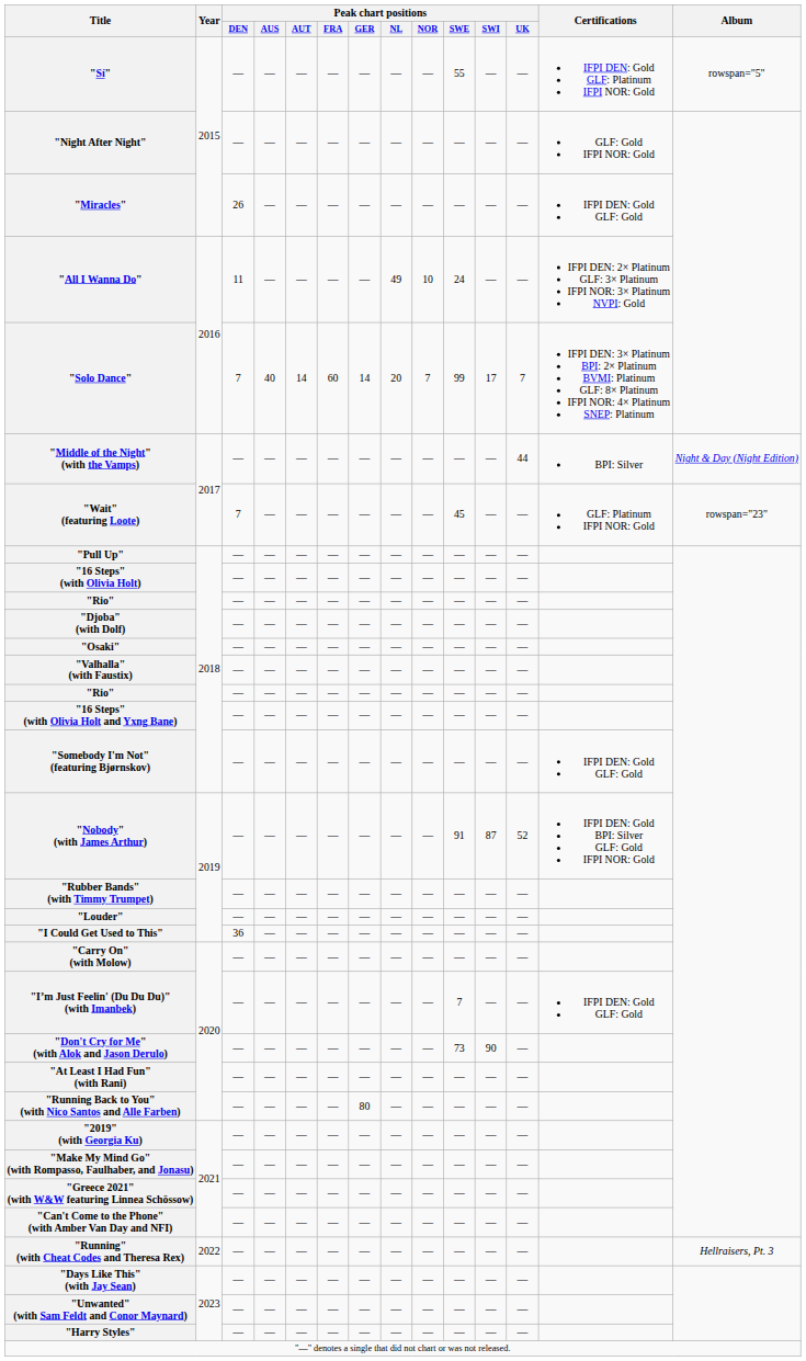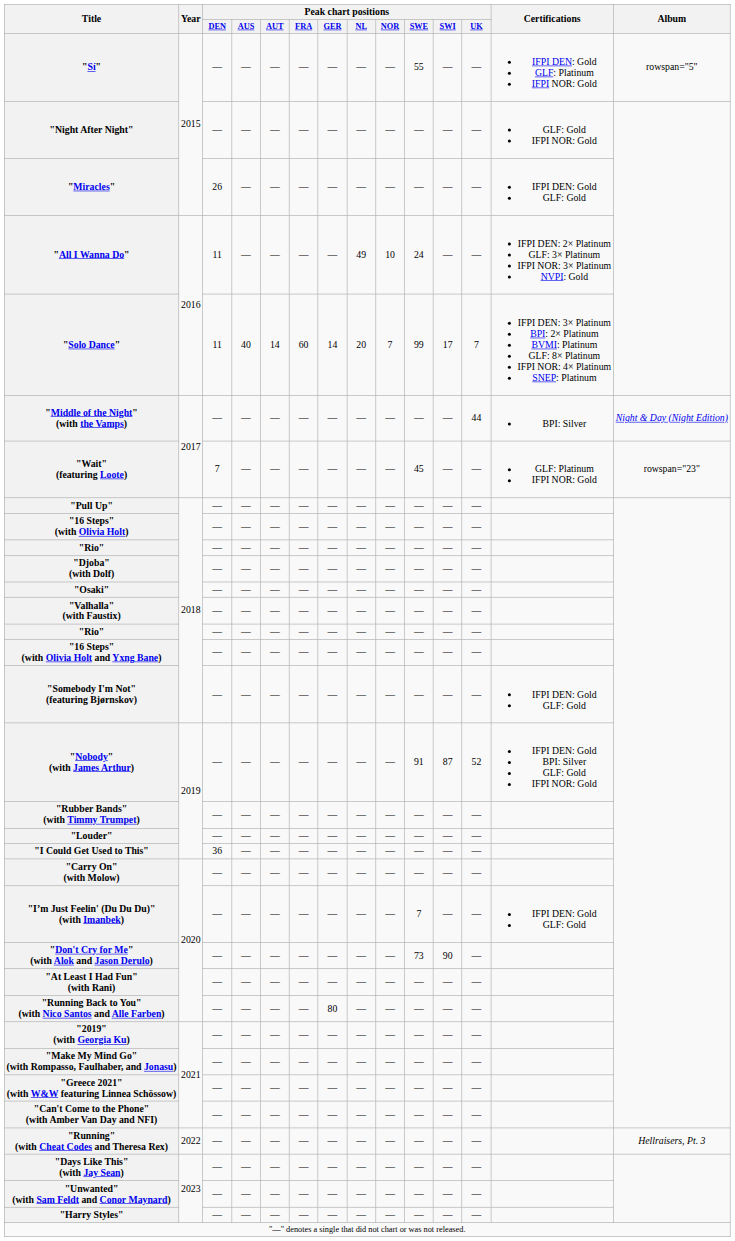 <table class="wikitable plainrowheaders" style="text-align: center;">
 <tr>
 <th scope="col" rowspan="2">Title</th>
 <th scope="col" rowspan="2">Year</th>
 <th scope="col" colspan="10">Peak chart positions</th>
 <th scope="col" rowspan="2">Certifications</th>
 <th scope="col" rowspan="2">Album</th>
 </tr>
 <tr>
 <th scope="col" style="width:3em;font-size:85%;"><a href='#'>DEN</a><br></th>
 <th scope="col" style="width:3em;font-size:85%;"><a href='#'>AUS</a><br></th>
 <th scope="col" style="width:3em;font-size:85%;"><a href='#'>AUT</a><br></th>
 <th scope="col" style="width:3em;font-size:85%;"><a href='#'>FRA</a><br></th>
 <th scope="col" style="width:3em;font-size:85%;"><a href='#'>GER</a><br></th>
 <th scope="col" style="width:3em;font-size:85%;"><a href='#'>NL</a><br></th>
 <th scope="col" style="width:3em;font-size:85%;"><a href='#'>NOR</a><br></th>
 <th scope="col" style="width:3em;font-size:85%;"><a href='#'>SWE</a><br></th>
 <th scope="col" style="width:3em;font-size:85%;"><a href='#'>SWI</a><br></th>
 <th scope="col" style="width:3em;font-size:85%;"><a href='#'>UK</a><br></th>
 </tr>
 <tr>
 <th scope="row">"<a href='#'>Sí</a>"</th>
 <td rowspan="3">2015</td>
 <td>—</td>
 <td>—</td>
 <td>—</td>
 <td>—</td>
 <td>—</td>
 <td>—</td>
 <td>—</td>
 <td>55</td>
 <td>—</td>
 <td>—</td>
 <td><br><ul><li><a href='#'>IFPI DEN</a>: Gold</li><li><a href='#'>GLF</a>: Platinum</li><li><a href='#'>IFPI</a> NOR: Gold</li></ul></td>
 <td>rowspan="5" </td>
 </tr>
 <tr>
 <th scope="row">"Night After Night"</th>
 <td>—</td>
 <td>—</td>
 <td>—</td>
 <td>—</td>
 <td>—</td>
 <td>—</td>
 <td>—</td>
 <td>—</td>
 <td>—</td>
 <td>—</td>
 <td><br><ul><li>GLF: Gold</li><li>IFPI NOR: Gold</li></ul></td>
 </tr>
 <tr>
 <th scope="row">"<a href='#'>Miracles</a>"</th>
 <td>26</td>
 <td>—</td>
 <td>—</td>
 <td>—</td>
 <td>—</td>
 <td>—</td>
 <td>—</td>
 <td>—</td>
 <td>—</td>
 <td>—</td>
 <td><br><ul><li>IFPI DEN: Gold</li><li>GLF: Gold</li></ul></td>
 </tr>
 <tr>
 <th scope="row">"<a href='#'>All I Wanna Do</a>"</th>
 <td rowspan="2">2016</td>
 <td>11</td>
 <td>—</td>
 <td>—</td>
 <td>—</td>
 <td>—</td>
 <td>49</td>
 <td>10</td>
 <td>24</td>
 <td>—</td>
 <td>—</td>
 <td><br><ul><li>IFPI DEN: 2× Platinum</li><li>GLF: 3× Platinum</li><li>IFPI NOR: 3× Platinum</li><li><a href='#'>NVPI</a>: Gold</li></ul></td>
 </tr>
 <tr>
 <th scope="row">"<a href='#'>Solo Dance</a>"</th>
-<td>7</td>
+<td>11</td>
 <td>40</td>
 <td>14</td>
 <td>60</td>
 <td>14</td>
 <td>20</td>
 <td>7</td>
 <td>99</td>
 <td>17</td>
 <td>7</td>
 <td><br><ul><li>IFPI DEN: 3× Platinum</li><li><a href='#'>BPI</a>: 2× Platinum</li><li><a href='#'>BVMI</a>: Platinum</li><li>GLF: 8× Platinum</li><li>IFPI NOR: 4× Platinum</li><li><a href='#'>SNEP</a>: Platinum</li></ul></td>
 </tr>
 <tr>
 <th scope="row">"<a href='#'>Middle of the Night</a>"<br><span>(with <a href='#'>the Vamps</a>)</span></th>
 <td rowspan="2">2017</td>
 <td>—</td>
 <td>—</td>
 <td>—</td>
 <td>—</td>
 <td>—</td>
 <td>—</td>
 <td>—</td>
 <td>—</td>
 <td>—</td>
 <td>44</td>
 <td><br><ul><li>BPI: Silver</li></ul></td>
 <td><em><a href='#'>Night & Day (Night Edition)</a></em></td>
 </tr>
 <tr>
 <th scope="row">"Wait"<br><span>(featuring <a href='#'>Loote</a>)</span></th>
 <td>7</td>
 <td>—</td>
 <td>—</td>
 <td>—</td>
 <td>—</td>
 <td>—</td>
 <td>—</td>
 <td>45</td>
 <td>—</td>
 <td>—</td>
 <td><br><ul><li>GLF: Platinum</li><li>IFPI NOR: Gold</li></ul></td>
 <td>rowspan="23" </td>
 </tr>
 <tr>
 <th scope="row">"Pull Up"</th>
 <td rowspan="9">2018</td>
 <td>—</td>
 <td>—</td>
 <td>—</td>
 <td>—</td>
 <td>—</td>
 <td>—</td>
 <td>—</td>
 <td>—</td>
 <td>—</td>
 <td>—</td>
 <td></td>
 </tr>
 <tr>
 <th scope="row">"16 Steps"<br><span>(with <a href='#'>Olivia Holt</a>)</span></th>
 <td>—</td>
 <td>—</td>
 <td>—</td>
 <td>—</td>
 <td>—</td>
 <td>—</td>
 <td>—</td>
 <td>—</td>
 <td>—</td>
 <td>—</td>
 <td></td>
 </tr>
 <tr>
 <th scope="row">"Rio"</th>
 <td>—</td>
 <td>—</td>
 <td>—</td>
 <td>—</td>
 <td>—</td>
 <td>—</td>
 <td>—</td>
 <td>—</td>
 <td>—</td>
 <td>—</td>
 <td></td>
 </tr>
 <tr>
 <th scope="row">"Djoba"<br><span>(with Dolf)</span></th>
 <td>—</td>
 <td>—</td>
 <td>—</td>
 <td>—</td>
 <td>—</td>
 <td>—</td>
 <td>—</td>
 <td>—</td>
 <td>—</td>
 <td>—</td>
 <td></td>
 </tr>
 <tr>
 <th scope="row">"Osaki"</th>
 <td>—</td>
 <td>—</td>
 <td>—</td>
 <td>—</td>
 <td>—</td>
 <td>—</td>
 <td>—</td>
 <td>—</td>
 <td>—</td>
 <td>—</td>
 <td></td>
 </tr>
 <tr>
 <th scope="row">"Valhalla"<br><span>(with Faustix)</span></th>
 <td>—</td>
 <td>—</td>
 <td>—</td>
 <td>—</td>
 <td>—</td>
 <td>—</td>
 <td>—</td>
 <td>—</td>
 <td>—</td>
 <td>—</td>
 <td></td>
 </tr>
 <tr>
 <th scope="row">"Rio"</th>
 <td>—</td>
 <td>—</td>
 <td>—</td>
 <td>—</td>
 <td>—</td>
 <td>—</td>
 <td>—</td>
 <td>—</td>
 <td>—</td>
 <td>—</td>
 <td></td>
 </tr>
 <tr>
 <th scope="row">"16 Steps"<br><span>(with <a href='#'>Olivia Holt</a> and <a href='#'>Yxng Bane</a>)</span></th>
 <td>—</td>
 <td>—</td>
 <td>—</td>
 <td>—</td>
 <td>—</td>
 <td>—</td>
 <td>—</td>
 <td>—</td>
 <td>—</td>
 <td>—</td>
 <td></td>
 </tr>
 <tr>
 <th scope="row">"Somebody I'm Not"<br><span>(featuring Bjørnskov)</span></th>
 <td>—</td>
 <td>—</td>
 <td>—</td>
 <td>—</td>
 <td>—</td>
 <td>—</td>
 <td>—</td>
 <td>—</td>
 <td>—</td>
 <td>—</td>
 <td><br><ul><li>IFPI DEN: Gold</li><li>GLF: Gold</li></ul></td>
 </tr>
 <tr>
 <th scope="row">"<a href='#'>Nobody</a>"<br><span>(with <a href='#'>James Arthur</a>)</span></th>
 <td rowspan="4">2019</td>
 <td>—</td>
 <td>—</td>
 <td>—</td>
 <td>—</td>
 <td>—</td>
 <td>—</td>
 <td>—</td>
 <td>91</td>
 <td>87</td>
 <td>52</td>
 <td><br><ul><li>IFPI DEN: Gold</li><li>BPI: Silver</li><li>GLF: Gold</li><li>IFPI NOR: Gold</li></ul></td>
 </tr>
 <tr>
 <th scope="row">"Rubber Bands"<br><span>(with <a href='#'>Timmy Trumpet</a>)</span></th>
 <td>—</td>
 <td>—</td>
 <td>—</td>
 <td>—</td>
 <td>—</td>
 <td>—</td>
 <td>—</td>
 <td>—</td>
 <td>—</td>
 <td>—</td>
 <td></td>
 </tr>
 <tr>
 <th scope="row">"Louder"</th>
 <td>—</td>
 <td>—</td>
 <td>—</td>
 <td>—</td>
 <td>—</td>
 <td>—</td>
 <td>—</td>
 <td>—</td>
 <td>—</td>
 <td>—</td>
 <td></td>
 </tr>
 <tr>
 <th scope="row">"I Could Get Used to This"<br></th>
 <td>36</td>
 <td>—</td>
 <td>—</td>
 <td>—</td>
 <td>—</td>
 <td>—</td>
 <td>—</td>
 <td>—</td>
 <td>—</td>
 <td>—</td>
 <td></td>
 </tr>
 <tr>
 <th scope="row">"Carry On"<br><span>(with Molow)</span></th>
 <td rowspan="5">2020</td>
 <td>—</td>
 <td>—</td>
 <td>—</td>
 <td>—</td>
 <td>—</td>
 <td>—</td>
 <td>—</td>
 <td>—</td>
 <td>—</td>
 <td>—</td>
 <td></td>
 </tr>
 <tr>
 <th scope="row">"I’m Just Feelin' (Du Du Du)"<br><span>(with <a href='#'>Imanbek</a>)</span></th>
 <td>—</td>
 <td>—</td>
 <td>—</td>
 <td>—</td>
 <td>—</td>
 <td>—</td>
 <td>—</td>
 <td>7</td>
 <td>—</td>
 <td>—</td>
 <td><br><ul><li>IFPI DEN: Gold</li><li>GLF: Gold</li></ul></td>
 </tr>
 <tr>
 <th scope="row">"<a href='#'>Don't Cry for Me</a>"<br><span>(with <a href='#'>Alok</a> and <a href='#'>Jason Derulo</a>)</span></th>
 <td>—</td>
 <td>—</td>
 <td>—</td>
 <td>—</td>
 <td>—</td>
 <td>—</td>
 <td>—</td>
 <td>73</td>
 <td>90</td>
 <td>—</td>
 <td></td>
 </tr>
 <tr>
 <th scope="row">"At Least I Had Fun"<br><span>(with Rani)</span></th>
 <td>—</td>
 <td>—</td>
 <td>—</td>
 <td>—</td>
 <td>—</td>
 <td>—</td>
 <td>—</td>
 <td>—</td>
 <td>—</td>
 <td>—</td>
 <td></td>
 </tr>
 <tr>
 <th scope="row">"Running Back to You"<br><span>(with <a href='#'>Nico Santos</a> and <a href='#'>Alle Farben</a>)</span></th>
 <td>—</td>
 <td>—</td>
 <td>—</td>
 <td>—</td>
 <td>80</td>
 <td>—</td>
 <td>—</td>
 <td>—</td>
 <td>—</td>
 <td>—</td>
 <td></td>
 </tr>
 <tr>
 <th scope="row">"2019"<br><span>(with <a href='#'>Georgia Ku</a>)</span></th>
 <td rowspan="4">2021</td>
 <td>—</td>
 <td>—</td>
 <td>—</td>
 <td>—</td>
 <td>—</td>
 <td>—</td>
 <td>—</td>
 <td>—</td>
 <td>—</td>
 <td>—</td>
 <td></td>
 </tr>
 <tr>
 <th scope="row">"Make My Mind Go" <br><span>(with Rompasso, Faulhaber, and <a href='#'>Jonasu</a>)</span></th>
 <td>—</td>
 <td>—</td>
 <td>—</td>
 <td>—</td>
 <td>—</td>
 <td>—</td>
 <td>—</td>
 <td>—</td>
 <td>—</td>
 <td>—</td>
 <td></td>
 </tr>
 <tr>
 <th scope="row">"Greece 2021" <br><span>(with <a href='#'>W&W</a> featuring Linnea Schössow)</span></th>
 <td>—</td>
 <td>—</td>
 <td>—</td>
 <td>—</td>
 <td>—</td>
 <td>—</td>
 <td>—</td>
 <td>—</td>
 <td>—</td>
 <td>—</td>
 <td></td>
 </tr>
 <tr>
 <th scope="row">"Can't Come to the Phone" <br><span>(with Amber Van Day and NFI)</span></th>
 <td>—</td>
 <td>—</td>
 <td>—</td>
 <td>—</td>
 <td>—</td>
 <td>—</td>
 <td>—</td>
 <td>—</td>
 <td>—</td>
 <td>—</td>
 <td></td>
 </tr>
 <tr>
 <th scope="row">"Running" <br><span>(with <a href='#'>Cheat Codes</a> and Theresa Rex)</span></th>
 <td>2022</td>
 <td>—</td>
 <td>—</td>
 <td>—</td>
 <td>—</td>
 <td>—</td>
 <td>—</td>
 <td>—</td>
 <td>—</td>
 <td>—</td>
 <td>—</td>
 <td></td>
 <td><em>Hellraisers, Pt. 3</em></td>
 </tr>
 <tr>
 <th scope="row">"Days Like This"<br><span>(with <a href='#'>Jay Sean</a>)</span></th>
 <td rowspan="3">2023</td>
 <td>—</td>
 <td>—</td>
 <td>—</td>
 <td>—</td>
 <td>—</td>
 <td>—</td>
 <td>—</td>
 <td>—</td>
 <td>—</td>
 <td>—</td>
 <td></td>
 </tr>
 <tr>
 <th scope="row">"Unwanted"<br><span>(with <a href='#'>Sam Feldt</a> and <a href='#'>Conor Maynard</a>)</span></th>
 <td>—</td>
 <td>—</td>
 <td>—</td>
 <td>—</td>
 <td>—</td>
 <td>—</td>
 <td>—</td>
 <td>—</td>
 <td>—</td>
 <td>—</td>
 <td></td>
 </tr>
 <tr>
 <th scope="row">"Harry Styles"</th>
 <td>—</td>
 <td>—</td>
 <td>—</td>
 <td>—</td>
 <td>—</td>
 <td>—</td>
 <td>—</td>
 <td>—</td>
 <td>—</td>
 <td>—</td>
 <td></td>
 </tr>
 <tr>
 <td colspan="18" style="font-size:85%">"—" denotes a single that did not chart or was not released.</td>
 </tr>
 </table>
